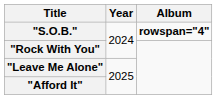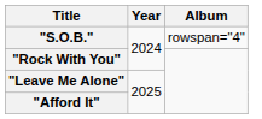 <table class="wikitable plainrowheaders" style=text-align:center;>
 <tr>
 <th scope="col">Title</th>
 <th scope="col">Year</th>
 <th scope="col">Album</th>
 </tr>
 <tr>
 <th scope="row">"S.O.B."</th>
 <td rowspan="2">2024</td>
-<td><strong>rowspan="4"  </strong></td>
+<td>rowspan="4"  </td>
 </tr>
 <tr>
 <th scope="row">"Rock With You"</th>
 </tr>
 <tr>
 <th scope="row">"Leave Me Alone"</th>
 <td rowspan="2">2025</td>
 </tr>
 <tr>
 <th scope="row">"Afford It"</th>
 </tr>
 </table>
